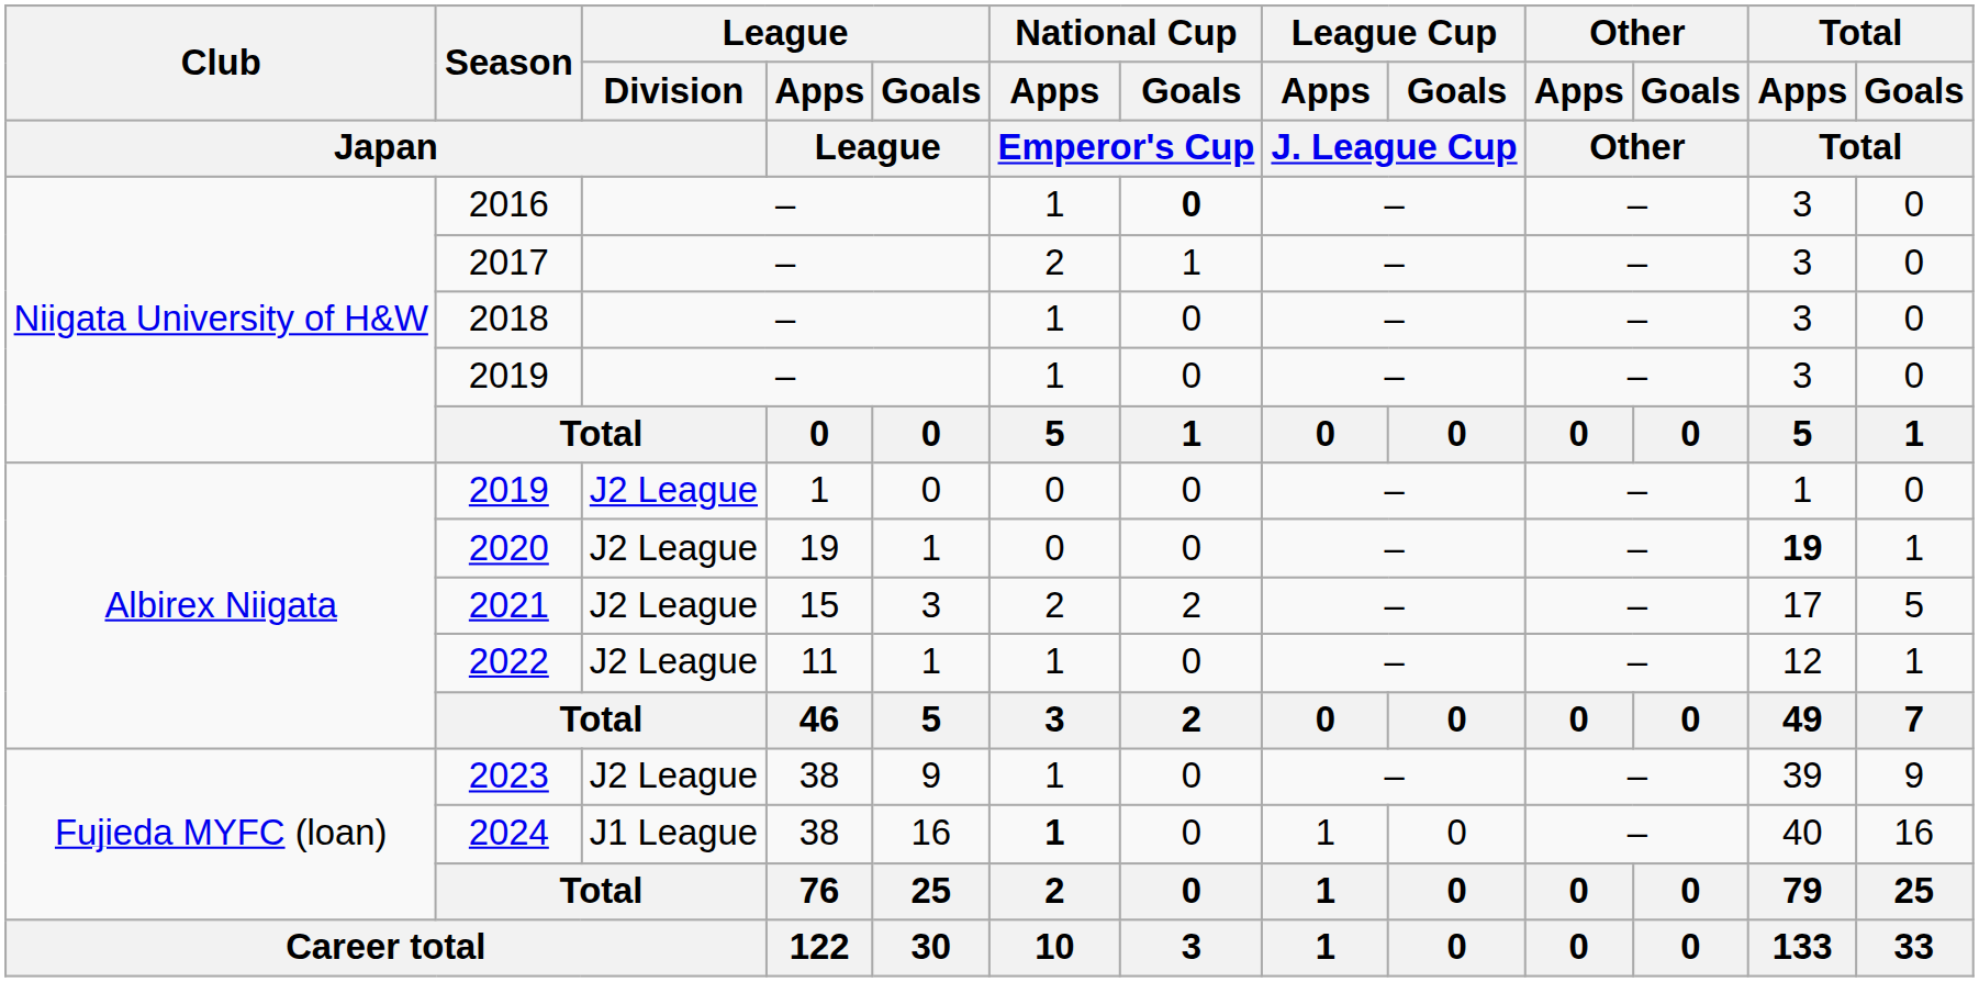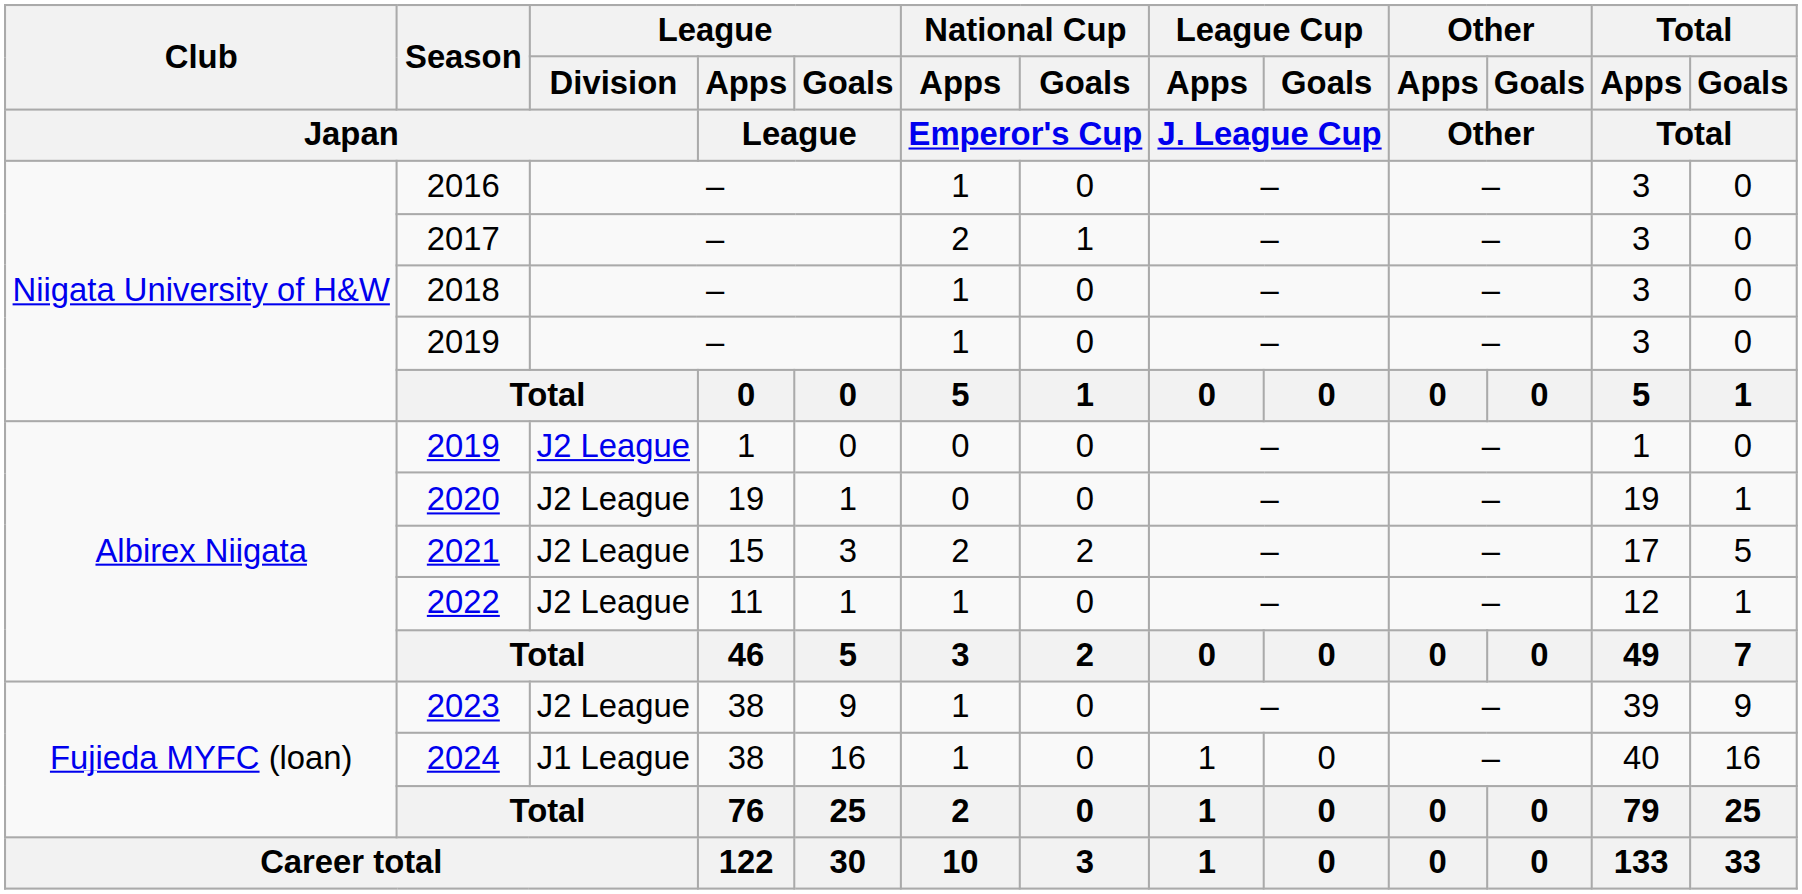 <table class="wikitable" style="text-align:center">
 <tr>
 <th rowspan=2>Club</th>
 <th rowspan=2>Season</th>
 <th colspan=3>League</th>
 <th colspan=2>National Cup</th>
 <th colspan=2>League Cup</th>
 <th colspan=2>Other</th>
 <th colspan=2>Total</th>
 </tr>
 <tr>
 <th>Division</th>
 <th>Apps</th>
 <th>Goals</th>
 <th>Apps</th>
 <th>Goals</th>
 <th>Apps</th>
 <th>Goals</th>
 <th>Apps</th>
 <th>Goals</th>
 <th>Apps</th>
 <th>Goals</th>
 </tr>
 <tr>
 <th colspan=3>Japan</th>
 <th colspan=2>League</th>
 <th colspan=2><a href='#'>Emperor's Cup</a></th>
 <th colspan=2><a href='#'>J. League Cup</a></th>
 <th colspan=2>Other</th>
 <th colspan=2>Total</th>
 </tr>
 <tr>
 <td rowspan="5"><a href='#'>Niigata University of H&W</a></td>
 <td>2016</td>
 <td colspan="3">–</td>
 <td>1</td>
-<td><strong>0</strong></td>
+<td>0</td>
 <td colspan="2">–</td>
 <td colspan="2">–</td>
 <td>3</td>
 <td>0</td>
 </tr>
 <tr>
 <td>2017</td>
 <td colspan="3">–</td>
 <td>2</td>
 <td>1</td>
 <td colspan="2">–</td>
 <td colspan="2">–</td>
 <td>3</td>
 <td>0</td>
 </tr>
 <tr>
 <td>2018</td>
 <td colspan="3">–</td>
 <td>1</td>
 <td>0</td>
 <td colspan="2">–</td>
 <td colspan="2">–</td>
 <td>3</td>
 <td>0</td>
 </tr>
 <tr>
 <td>2019</td>
 <td colspan="3">–</td>
 <td>1</td>
 <td>0</td>
 <td colspan="2">–</td>
 <td colspan="2">–</td>
 <td>3</td>
 <td>0</td>
 </tr>
 <tr>
 <th colspan="2">Total</th>
 <th>0</th>
 <th>0</th>
 <th>5</th>
 <th>1</th>
 <th>0</th>
 <th>0</th>
 <th>0</th>
 <th>0</th>
 <th>5</th>
 <th>1</th>
 </tr>
 <tr>
 <td rowspan="5"><a href='#'>Albirex Niigata</a></td>
 <td><a href='#'>2019</a></td>
 <td><a href='#'>J2 League</a></td>
 <td>1</td>
 <td>0</td>
 <td>0</td>
 <td>0</td>
 <td colspan="2">–</td>
 <td colspan="2">–</td>
 <td>1</td>
 <td>0</td>
 </tr>
 <tr>
 <td><a href='#'>2020</a></td>
 <td>J2 League</td>
 <td>19</td>
 <td>1</td>
 <td>0</td>
 <td>0</td>
 <td colspan="2">–</td>
 <td colspan="2">–</td>
-<td><strong>19</strong></td>
+<td>19</td>
 <td>1</td>
 </tr>
 <tr>
 <td><a href='#'>2021</a></td>
 <td>J2 League</td>
 <td>15</td>
 <td>3</td>
 <td>2</td>
 <td>2</td>
 <td colspan="2">–</td>
 <td colspan="2">–</td>
 <td>17</td>
 <td>5</td>
 </tr>
 <tr>
 <td><a href='#'>2022</a></td>
 <td>J2 League</td>
 <td>11</td>
 <td>1</td>
 <td>1</td>
 <td>0</td>
 <td colspan="2">–</td>
 <td colspan="2">–</td>
 <td>12</td>
 <td>1</td>
 </tr>
 <tr>
 <th colspan="2">Total</th>
 <th>46</th>
 <th>5</th>
 <th>3</th>
 <th>2</th>
 <th>0</th>
 <th>0</th>
 <th>0</th>
 <th>0</th>
 <th>49</th>
 <th>7</th>
 </tr>
 <tr>
 <td rowspan="3"><a href='#'>Fujieda MYFC</a> (loan)</td>
 <td><a href='#'>2023</a></td>
 <td>J2 League</td>
 <td>38</td>
 <td>9</td>
 <td>1</td>
 <td>0</td>
 <td colspan="2">–</td>
 <td colspan="2">–</td>
 <td>39</td>
 <td>9</td>
 </tr>
 <tr>
 <td><a href='#'>2024</a></td>
 <td>J1 League</td>
 <td>38</td>
 <td>16</td>
-<td><strong>1</strong></td>
+<td>1</td>
 <td>0</td>
 <td>1</td>
 <td>0</td>
 <td colspan="2">–</td>
 <td>40</td>
 <td>16</td>
 </tr>
 <tr>
 <th colspan="2">Total</th>
 <th>76</th>
 <th>25</th>
 <th>2</th>
 <th>0</th>
 <th>1</th>
 <th>0</th>
 <th>0</th>
 <th>0</th>
 <th>79</th>
 <th>25</th>
 </tr>
 <tr>
 <th colspan=3>Career total</th>
 <th>122</th>
 <th>30</th>
 <th>10</th>
 <th>3</th>
 <th>1</th>
 <th>0</th>
 <th>0</th>
 <th>0</th>
 <th>133</th>
 <th>33</th>
 </tr>
 </table>
